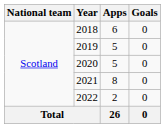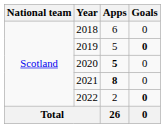 <table class=wikitable style=text-align:center>
 <tr>
 <th>National team</th>
 <th>Year</th>
 <th>Apps</th>
 <th>Goals</th>
 </tr>
 <tr>
 <td rowspan=5><a href='#'>Scotland</a></td>
 <td>2018</td>
 <td>6</td>
 <td>0</td>
 </tr>
 <tr>
 <td>2019</td>
 <td>5</td>
-<td>0</td>
+<td><strong>0</strong></td>
 </tr>
 <tr>
 <td>2020</td>
-<td>5</td>
+<td><strong>5</strong></td>
 <td>0</td>
 </tr>
 <tr>
 <td>2021</td>
-<td>8</td>
+<td><strong>8</strong></td>
 <td>0</td>
 </tr>
 <tr>
 <td>2022</td>
 <td>2</td>
-<td>0</td>
+<td><strong>0</strong></td>
 </tr>
 <tr>
 <th colspan=2>Total</th>
 <th>26</th>
 <th>0</th>
 </tr>
 </table>
